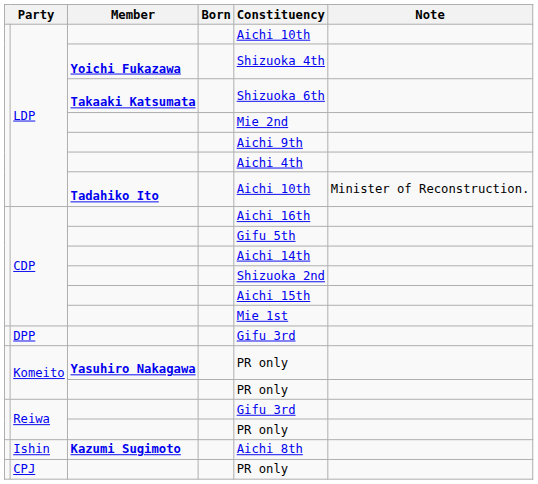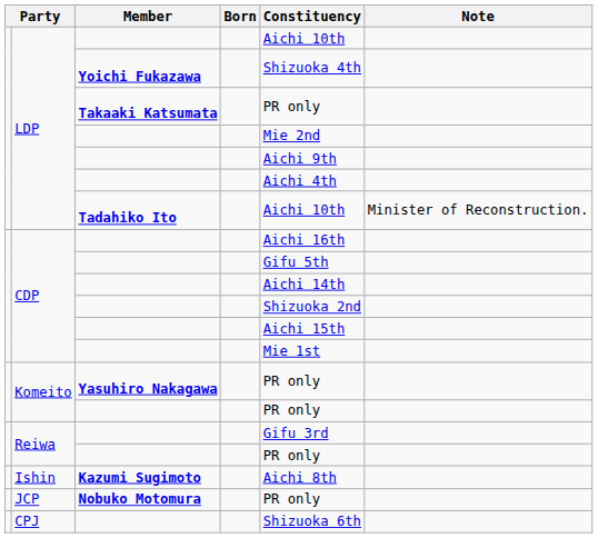 <table class="wikitable">
 <tr>
 <th colspan=2>Party</th>
 <th>Member</th>
 <th>Born</th>
 <th>Constituency</th>
 <th>Note</th>
 </tr>
 <tr>
 <td rowspan=7 style="background-color:"></td>
 <td rowspan=7><a href='#'>LDP</a></td>
 <td><strong></strong></td>
 <td></td>
 <td><a href='#'>Aichi 10th</a></td>
 <td></td>
 </tr>
 <tr>
 <td><br><strong><a href='#'>Yoichi Fukazawa</a></strong></td>
 <td></td>
 <td><a href='#'>Shizuoka 4th</a></td>
 <td></td>
 </tr>
 <tr>
 <td><br><strong><a href='#'>Takaaki Katsumata</a></strong></td>
 <td></td>
-<td><a href='#'>Shizuoka 6th</a></td>
+<td>PR only</td>
 <td></td>
 </tr>
 <tr>
 <td><strong></strong></td>
 <td></td>
 <td><a href='#'>Mie 2nd</a></td>
 <td></td>
 </tr>
 <tr>
 <td><br><strong></strong></td>
 <td></td>
 <td><a href='#'>Aichi 9th</a></td>
 <td></td>
 </tr>
 <tr>
 <td><br><strong></strong></td>
 <td></td>
 <td><a href='#'>Aichi 4th</a></td>
 <td></td>
 </tr>
 <tr>
 <td><br><strong><a href='#'>Tadahiko Ito</a></strong></td>
 <td></td>
 <td><a href='#'>Aichi 10th</a></td>
 <td>Minister of Reconstruction.</td>
 </tr>
 <tr>
 <td rowspan=6 style="background-color:"></td>
 <td rowspan=6><a href='#'>CDP</a></td>
 <td><strong></strong></td>
 <td></td>
 <td><a href='#'>Aichi 16th</a></td>
 <td></td>
 </tr>
 <tr>
 <td><strong></strong></td>
 <td></td>
 <td><a href='#'>Gifu 5th</a></td>
 <td></td>
 </tr>
 <tr>
 <td><strong></strong></td>
 <td></td>
 <td><a href='#'>Aichi 14th</a></td>
 <td></td>
 </tr>
 <tr>
 <td><strong></strong></td>
 <td></td>
 <td><a href='#'>Shizuoka 2nd</a></td>
 <td></td>
 </tr>
 <tr>
 <td><strong></strong></td>
 <td></td>
 <td><a href='#'>Aichi 15th</a></td>
 <td></td>
 </tr>
 <tr>
 <td><strong></strong></td>
 <td></td>
 <td><a href='#'>Mie 1st</a></td>
 <td></td>
 </tr>
 <tr>
-<td style="background-color:"></td>
-<td><a href='#'>DPP</a></td>
-<td><strong></strong></td>
-<td></td>
-<td><a href='#'>Gifu 3rd</a></td>
-<td></td>
-</tr>
-<tr>
 <td rowspan=2 style="background-color:"></td>
 <td rowspan=2><a href='#'>Komeito</a></td>
 <td><br><strong><a href='#'>Yasuhiro Nakagawa</a></strong></td>
 <td></td>
 <td>PR only</td>
 <td></td>
 </tr>
 <tr>
 <td><strong></strong></td>
 <td></td>
 <td>PR only</td>
 <td></td>
 </tr>
 <tr>
 <td rowspan=2 style="background-color:"></td>
 <td rowspan=2><a href='#'>Reiwa</a></td>
 <td><br><strong></strong></td>
 <td></td>
 <td><a href='#'>Gifu 3rd</a></td>
 <td></td>
 </tr>
 <tr>
 <td><strong></strong></td>
 <td></td>
 <td>PR only</td>
 <td></td>
 </tr>
 <tr>
 <td style="background-color:"></td>
 <td><a href='#'>Ishin</a></td>
 <td><strong><a href='#'>Kazumi Sugimoto</a></strong></td>
 <td></td>
 <td><a href='#'>Aichi 8th</a></td>
 <td></td>
 </tr>
 <tr>
 <td style="background-color:"></td>
-<td><a href='#'>CPJ</a></td>
-<td><strong></strong></td>
+<td><a href='#'>JCP</a></td>
+<td><strong><a href='#'>Nobuko Motomura</a></strong></td>
 <td></td>
 <td>PR only</td>
 <td></td>
 </tr>
+<tr>
+<td style="background-color:"></td>
+<td><a href='#'>CPJ</a></td>
+<td><strong></strong></td>
+<td></td>
+<td><a href='#'>Shizuoka 6th</a></td>
+<td></td>
+</tr>
 </table>
